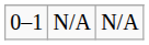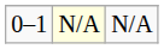 <table class="wikitable">
 <tr align="center">
 </tr>
 <tr align="center">
 <td>0–1</td>
-<td>N/A</td>
+<td style="background: lightyellow;">N/A</td>
 <td>N/A</td>
 </tr>
 </table>
